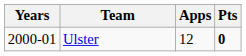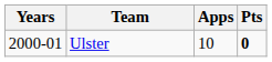 <table class="wikitable" style="text-align:left;">
 <tr>
 <th>Years</th>
 <th width=120px>Team</th>
 <th>Apps</th>
 <th>Pts</th>
 </tr>
 <tr>
 <td>2000-01</td>
 <td><a href='#'>Ulster</a></td>
-<td>12</td>
+<td>10</td>
 <td><strong>0</strong></td>
 </tr>
 </table>
